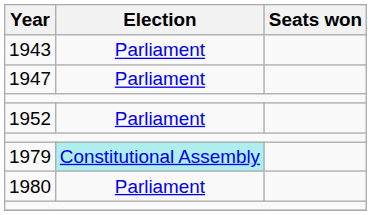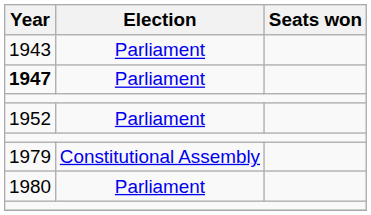 <table class="wikitable" style="font-size:90%;text-align:center;">
 <tr>
 <th>Year</th>
 <th>Election</th>
 <th>Seats won</th>
 </tr>
 <tr>
 <td>1943</td>
 <td><a href='#'>Parliament</a></td>
 <td></td>
 </tr>
 <tr>
-<td>1947</td>
+<td><strong>1947</strong></td>
 <td><a href='#'>Parliament</a></td>
 <td></td>
 </tr>
 <tr>
 <td colspan="6"><em></em></td>
 </tr>
 <tr>
 <td>1952</td>
 <td><a href='#'>Parliament</a></td>
 <td></td>
 </tr>
 <tr>
 <td colspan="6"><em></em></td>
 </tr>
 <tr>
 <td>1979</td>
-<td style="background: paleturquoise;"><a href='#'>Constitutional Assembly</a></td>
+<td><a href='#'>Constitutional Assembly</a></td>
 <td></td>
 </tr>
 <tr>
 <td>1980</td>
 <td><a href='#'>Parliament</a></td>
 <td></td>
 </tr>
 <tr>
 <td colspan="6"><em></em></td>
 </tr>
 <tr>
 </tr>
 </table>
